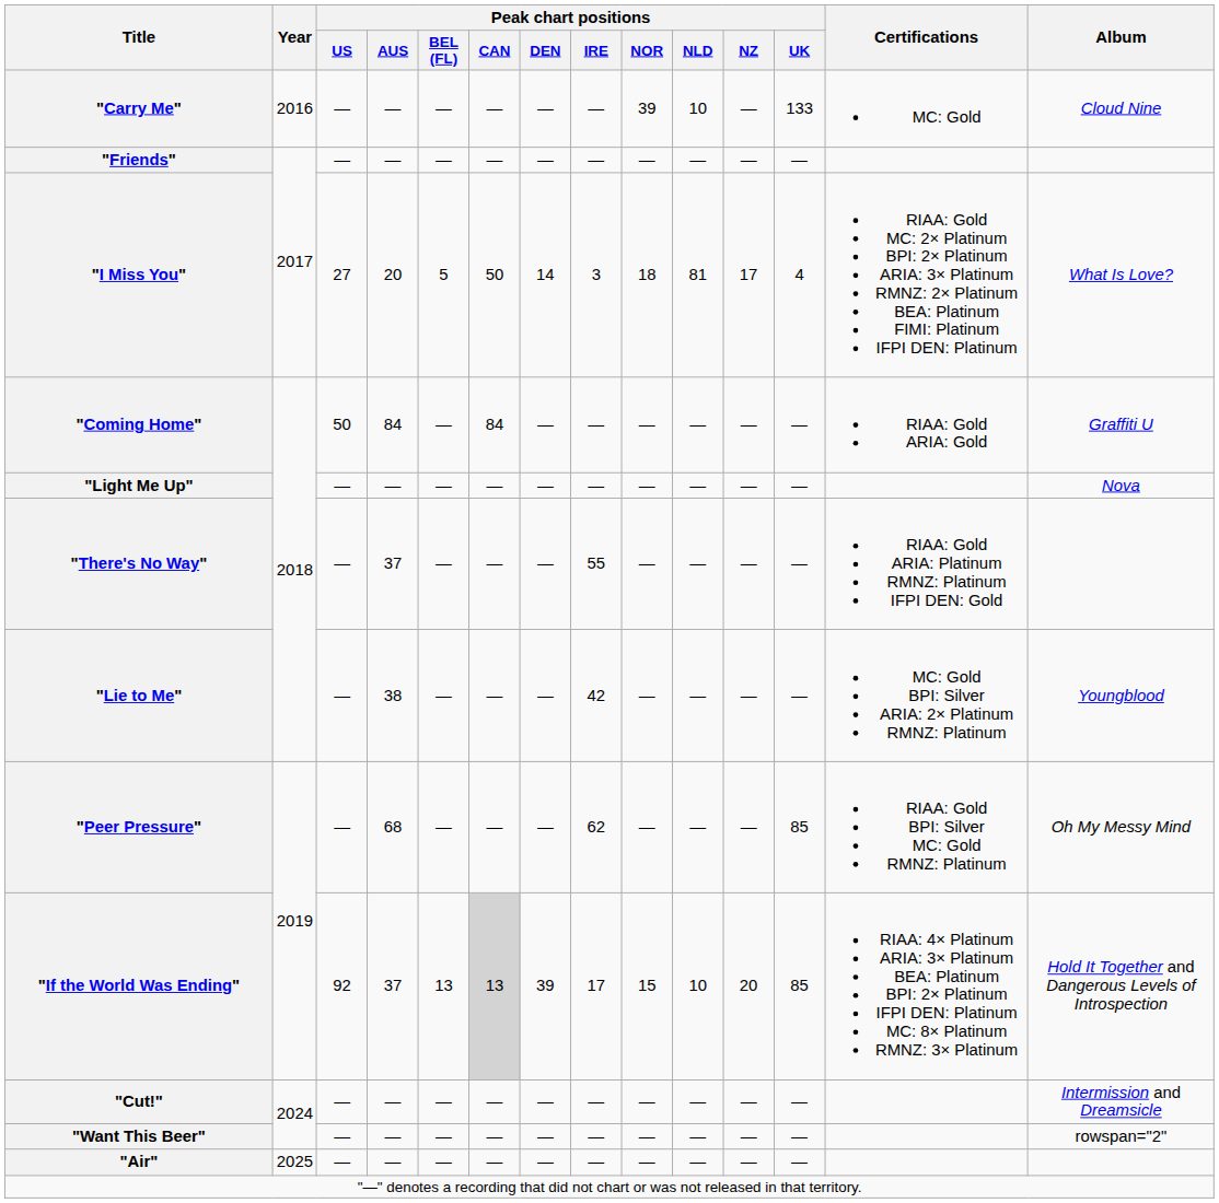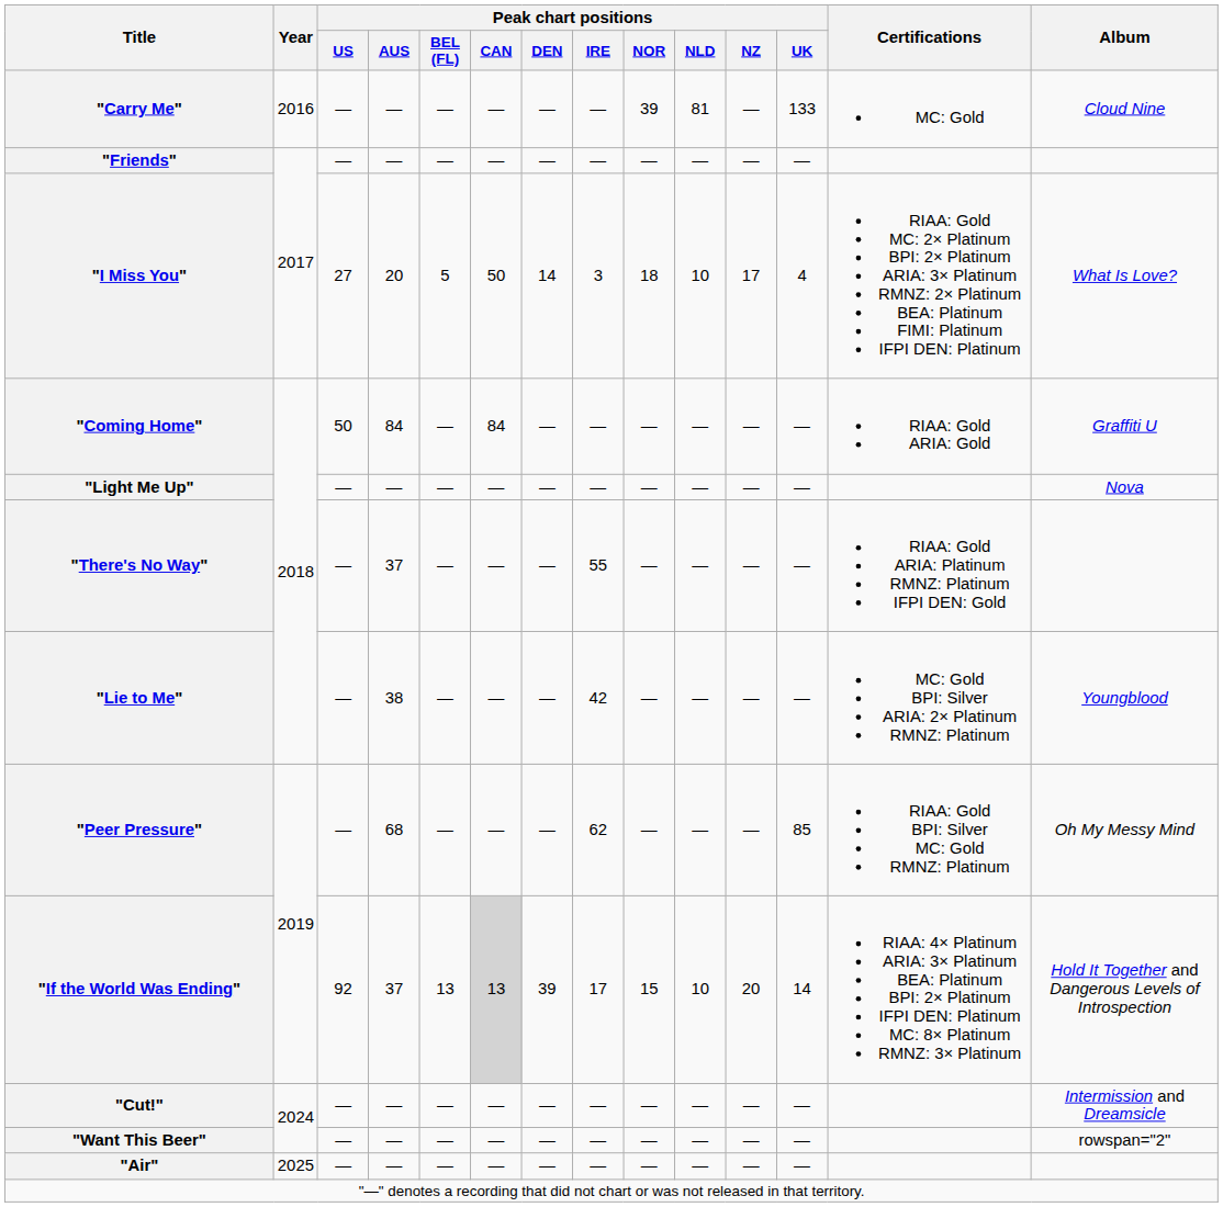 <table class="wikitable plainrowheaders" style="text-align:center;">
 <tr>
 <th scope="col" rowspan="2" style="width:16em;">Title</th>
 <th scope="col" rowspan="2" style="width:1em;">Year</th>
 <th scope="col" colspan="10">Peak chart positions</th>
 <th scope="col" rowspan="2" style="width:12em;">Certifications</th>
 <th scope="col" rowspan="2" style="width:11em;">Album</th>
 </tr>
 <tr>
 <th scope="col" style="width:3em;font-size:90%;"><a href='#'>US</a><br></th>
 <th scope="col" style="width:3em;font-size:90%;"><a href='#'>AUS</a><br></th>
 <th scope="col" style="width:3em;font-size:90%;"><a href='#'>BEL<br>(FL)</a><br></th>
 <th scope="col" style="width:3em;font-size:90%;"><a href='#'>CAN</a><br></th>
 <th scope="col" style="width:3em;font-size:90%;"><a href='#'>DEN</a><br></th>
 <th scope="col" style="width:3em;font-size:90%;"><a href='#'>IRE</a><br></th>
 <th scope="col" style="width:3em;font-size:90%;"><a href='#'>NOR</a><br></th>
 <th scope="col" style="width:3em;font-size:90%;"><a href='#'>NLD</a><br></th>
 <th scope="col" style="width:3em;font-size:90%;"><a href='#'>NZ</a><br></th>
 <th scope="col" style="width:3em;font-size:90%;"><a href='#'>UK</a><br></th>
 </tr>
 <tr>
 <th scope="row">"<a href='#'>Carry Me</a>"<br></th>
 <td>2016</td>
 <td>—</td>
 <td>—</td>
 <td>—</td>
 <td>—</td>
 <td>—</td>
 <td>—</td>
 <td>39</td>
-<td>10</td>
+<td>81</td>
 <td>—</td>
 <td>133</td>
 <td><br><ul><li>MC: Gold</li></ul></td>
 <td><em><a href='#'>Cloud Nine</a></em></td>
 </tr>
 <tr>
 <th scope="row">"<a href='#'>Friends</a>" <br></th>
 <td rowspan="2">2017</td>
 <td>—</td>
 <td>—</td>
 <td>—</td>
 <td>—</td>
 <td>—</td>
 <td>—</td>
 <td>—</td>
 <td>—</td>
 <td>—</td>
 <td>—</td>
 <td></td>
 <td></td>
 </tr>
 <tr>
 <th scope="row">"<a href='#'>I Miss You</a>"<br></th>
 <td>27</td>
 <td>20</td>
 <td>5</td>
 <td>50</td>
 <td>14</td>
 <td>3</td>
 <td>18</td>
-<td>81</td>
+<td>10</td>
 <td>17</td>
 <td>4</td>
 <td><br><ul><li>RIAA: Gold</li><li>MC: 2× Platinum</li><li>BPI: 2× Platinum</li><li>ARIA: 3× Platinum</li><li>RMNZ: 2× Platinum</li><li>BEA: Platinum</li><li>FIMI: Platinum</li><li>IFPI DEN: Platinum</li></ul></td>
 <td><em><a href='#'>What Is Love?</a></em></td>
 </tr>
 <tr>
 <th scope="row">"<a href='#'>Coming Home</a>"<br></th>
 <td rowspan="4">2018</td>
 <td>50</td>
 <td>84</td>
 <td>—</td>
 <td>84</td>
 <td>—</td>
 <td>—</td>
 <td>—</td>
 <td>—</td>
 <td>—</td>
 <td>—</td>
 <td><br><ul><li>RIAA: Gold</li><li>ARIA: Gold</li></ul></td>
 <td><em><a href='#'>Graffiti U</a></em></td>
 </tr>
 <tr>
 <th scope="row">"Light Me Up"<br></th>
 <td>—</td>
 <td>—</td>
 <td>—</td>
 <td>—</td>
 <td>—</td>
 <td>—</td>
 <td>—</td>
 <td>—</td>
 <td>—</td>
 <td>—</td>
 <td></td>
 <td><em><a href='#'>Nova</a></em></td>
 </tr>
 <tr>
 <th scope="row">"<a href='#'>There's No Way</a>"<br></th>
 <td>—</td>
 <td>37</td>
 <td>—</td>
 <td>—</td>
 <td>—</td>
 <td>55</td>
 <td>—</td>
 <td>—</td>
 <td>—</td>
 <td>—</td>
 <td><br><ul><li>RIAA: Gold</li><li>ARIA: Platinum</li><li>RMNZ: Platinum</li><li>IFPI DEN: Gold</li></ul></td>
 <td></td>
 </tr>
 <tr>
 <th scope="row">"<a href='#'>Lie to Me</a>"<br></th>
 <td>—</td>
 <td>38</td>
 <td>—</td>
 <td>—</td>
 <td>—</td>
 <td>42</td>
 <td>—</td>
 <td>—</td>
 <td>—</td>
 <td>—</td>
 <td><br><ul><li>MC: Gold</li><li>BPI: Silver</li><li>ARIA: 2× Platinum</li><li>RMNZ: Platinum</li></ul></td>
 <td><em><a href='#'>Youngblood</a></em></td>
 </tr>
 <tr>
 <th scope="row">"<a href='#'>Peer Pressure</a>"<br></th>
 <td rowspan="2">2019</td>
 <td>—</td>
 <td>68</td>
 <td>—</td>
 <td>—</td>
 <td>—</td>
 <td>62</td>
 <td>—</td>
 <td>—</td>
 <td>—</td>
 <td>85</td>
 <td><br><ul><li>RIAA: Gold</li><li>BPI: Silver</li><li>MC: Gold</li><li>RMNZ: Platinum</li></ul></td>
 <td><em>Oh My Messy Mind</em></td>
 </tr>
 <tr>
 <th scope="row">"<a href='#'>If the World Was Ending</a>"<br></th>
 <td>92</td>
 <td>37</td>
 <td>13</td>
 <td style="background: lightgrey;">13</td>
 <td>39</td>
 <td>17</td>
 <td>15</td>
 <td>10</td>
 <td>20</td>
-<td>85</td>
+<td>14</td>
 <td><br><ul><li>RIAA: 4× Platinum</li><li>ARIA: 3× Platinum</li><li>BEA: Platinum</li><li>BPI: 2× Platinum</li><li>IFPI DEN: Platinum</li><li>MC: 8× Platinum</li><li>RMNZ: 3× Platinum</li></ul></td>
 <td><em><a href='#'>Hold It Together</a></em> and <em>Dangerous Levels of Introspection</em></td>
 </tr>
 <tr>
 <th scope="row">"Cut!"<br></th>
 <td rowspan="2">2024</td>
 <td>—</td>
 <td>—</td>
 <td>—</td>
 <td>—</td>
 <td>—</td>
 <td>—</td>
 <td>—</td>
 <td>—</td>
 <td>—</td>
 <td>—</td>
 <td></td>
 <td><em><a href='#'>Intermission</a></em> and <em><a href='#'>Dreamsicle</a></em></td>
 </tr>
 <tr>
 <th scope="row">"Want This Beer"<br></th>
 <td>—</td>
 <td>—</td>
 <td>—</td>
 <td>—</td>
 <td>—</td>
 <td>—</td>
 <td>—</td>
 <td>—</td>
 <td>—</td>
 <td>—</td>
 <td></td>
 <td>rowspan="2" </td>
 </tr>
 <tr>
 <th scope="row">"Air"<br></th>
 <td>2025</td>
 <td>—</td>
 <td>—</td>
 <td>—</td>
 <td>—</td>
 <td>—</td>
 <td>—</td>
 <td>—</td>
 <td>—</td>
 <td>—</td>
 <td>—</td>
 <td></td>
 </tr>
 <tr>
 <td colspan="14" style="font-size:90%">"—" denotes a recording that did not chart or was not released in that territory.</td>
 </tr>
 </table>
